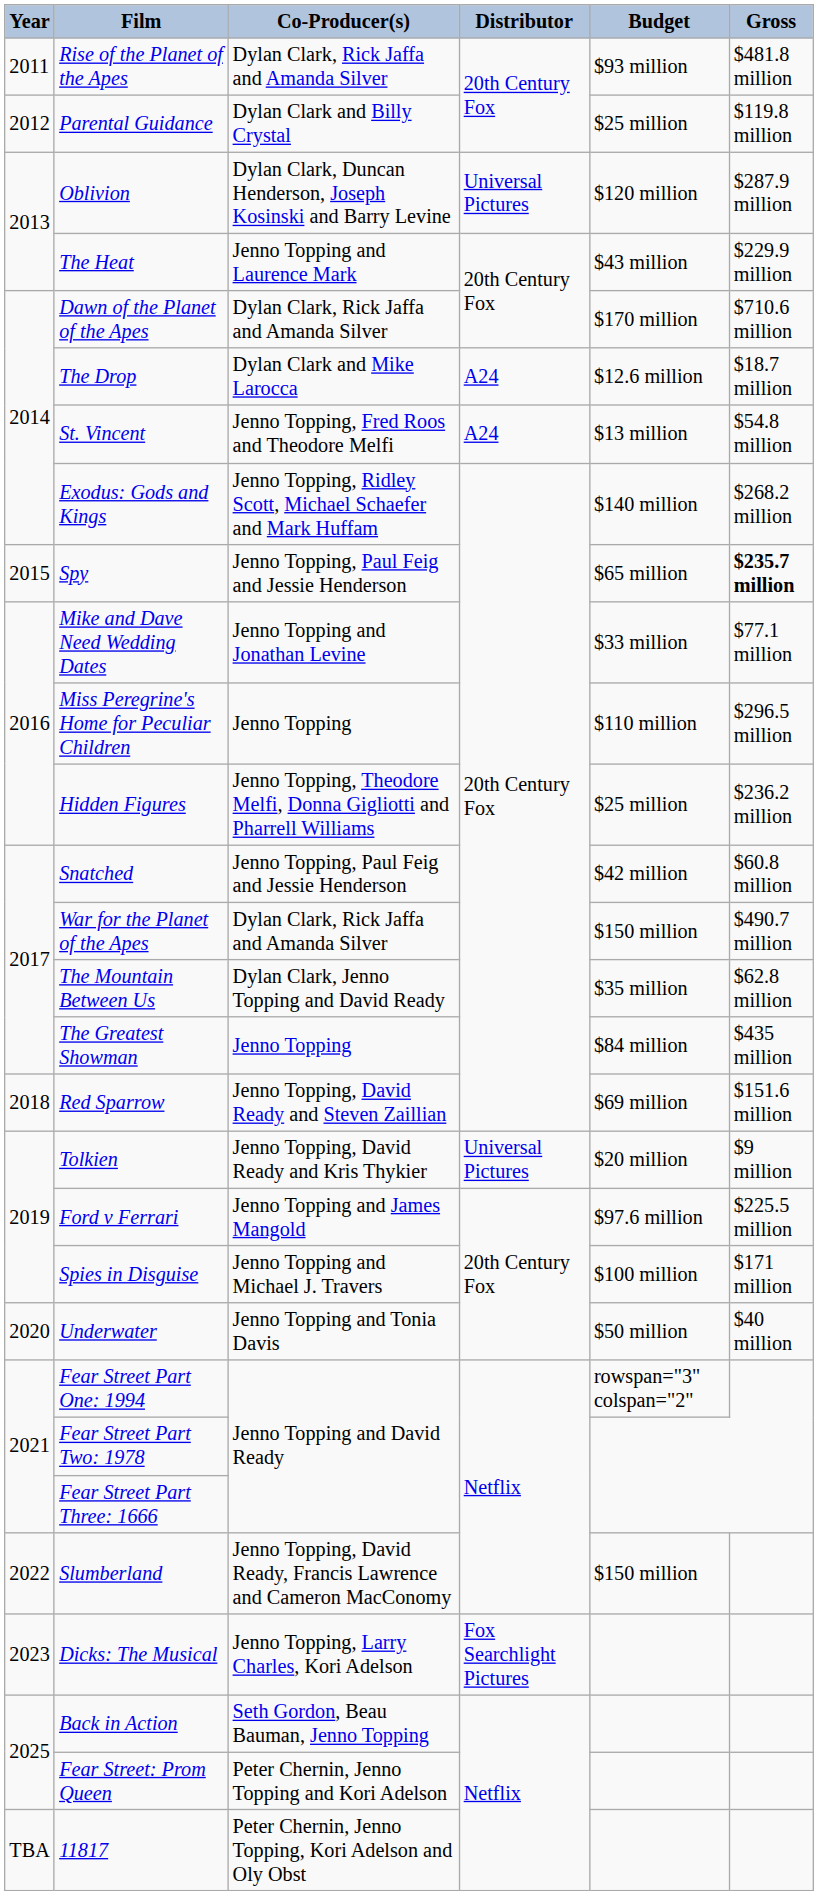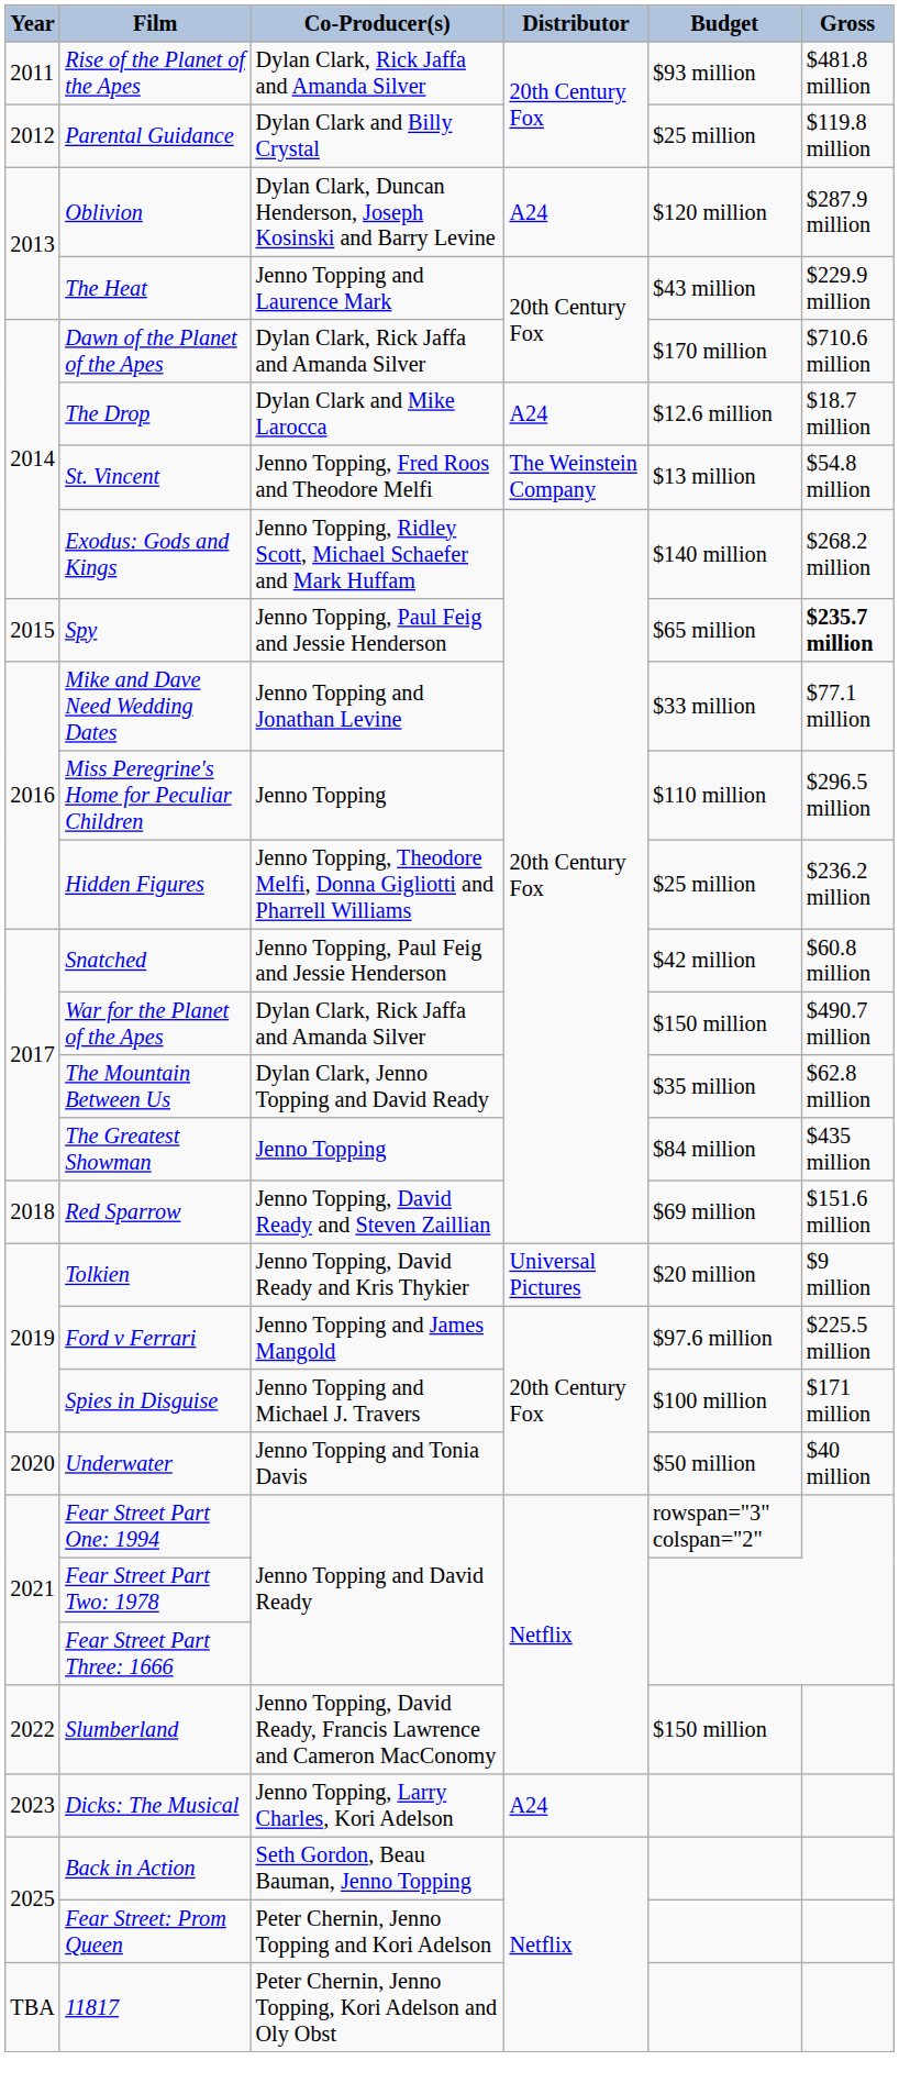 <table class="wikitable" style="font-size:95%;">
 <tr>
 <th style="background:#B0C4DE;">Year</th>
 <th style="background:#B0C4DE;">Film</th>
 <th style="background:#B0C4DE;">Co-Producer(s)</th>
 <th style="background:#B0C4DE;">Distributor</th>
 <th style="background:#B0C4DE;">Budget</th>
 <th style="background:#B0C4DE;">Gross</th>
 </tr>
 <tr>
 <td>2011</td>
 <td><em><a href='#'>Rise of the Planet of the Apes</a></em></td>
 <td>Dylan Clark, <a href='#'>Rick Jaffa</a> and <a href='#'>Amanda Silver</a></td>
 <td rowspan="2"><a href='#'>20th Century Fox</a></td>
 <td>$93 million</td>
 <td>$481.8 million</td>
 </tr>
 <tr>
 <td>2012</td>
 <td><em><a href='#'>Parental Guidance</a></em></td>
 <td>Dylan Clark and <a href='#'>Billy Crystal</a></td>
 <td>$25 million</td>
 <td>$119.8 million</td>
 </tr>
 <tr>
 <td rowspan="2">2013</td>
 <td><em><a href='#'>Oblivion</a></em></td>
 <td>Dylan Clark, Duncan Henderson, <a href='#'>Joseph Kosinski</a> and Barry Levine</td>
-<td><a href='#'>Universal Pictures</a></td>
+<td><a href='#'>A24</a></td>
 <td>$120 million</td>
 <td>$287.9 million</td>
 </tr>
 <tr>
 <td><em><a href='#'>The Heat</a></em></td>
 <td>Jenno Topping and <a href='#'>Laurence Mark</a></td>
 <td rowspan="2">20th Century Fox</td>
 <td>$43 million</td>
 <td>$229.9 million</td>
 </tr>
 <tr>
 <td rowspan="4">2014</td>
 <td><em><a href='#'>Dawn of the Planet of the Apes</a></em></td>
 <td>Dylan Clark, Rick Jaffa and Amanda Silver</td>
 <td>$170 million</td>
 <td>$710.6 million</td>
 </tr>
 <tr>
 <td><em><a href='#'>The Drop</a></em></td>
 <td>Dylan Clark and <a href='#'>Mike Larocca</a></td>
 <td><a href='#'>A24</a></td>
 <td>$12.6 million</td>
 <td>$18.7 million</td>
 </tr>
 <tr>
 <td><em><a href='#'>St. Vincent</a></em></td>
 <td>Jenno Topping, <a href='#'>Fred Roos</a> and Theodore Melfi</td>
-<td><a href='#'>A24</a></td>
+<td><a href='#'>The Weinstein Company</a></td>
 <td>$13 million</td>
 <td>$54.8 million</td>
 </tr>
 <tr>
 <td><em><a href='#'>Exodus: Gods and Kings</a></em></td>
 <td>Jenno Topping, <a href='#'>Ridley Scott</a>, <a href='#'>Michael Schaefer</a> and <a href='#'>Mark Huffam</a></td>
 <td rowspan="10">20th Century Fox</td>
 <td>$140 million</td>
 <td>$268.2 million</td>
 </tr>
 <tr>
 <td>2015</td>
 <td><em><a href='#'>Spy</a></em></td>
 <td>Jenno Topping, <a href='#'>Paul Feig</a> and Jessie Henderson</td>
 <td>$65 million</td>
 <td><strong>$235.7 million</strong></td>
 </tr>
 <tr>
 <td rowspan="3">2016</td>
 <td><em><a href='#'>Mike and Dave Need Wedding Dates</a></em></td>
 <td>Jenno Topping and <a href='#'>Jonathan Levine</a></td>
 <td>$33 million</td>
 <td>$77.1 million</td>
 </tr>
 <tr>
 <td><em><a href='#'>Miss Peregrine's Home for Peculiar Children</a></em></td>
 <td>Jenno Topping</td>
 <td>$110 million</td>
 <td>$296.5 million</td>
 </tr>
 <tr>
 <td><em><a href='#'>Hidden Figures</a></em></td>
 <td>Jenno Topping, <a href='#'>Theodore Melfi</a>, <a href='#'>Donna Gigliotti</a> and <a href='#'>Pharrell Williams</a></td>
 <td>$25 million</td>
 <td>$236.2 million</td>
 </tr>
 <tr>
 <td rowspan="4">2017</td>
 <td><em><a href='#'>Snatched</a></em></td>
 <td>Jenno Topping, Paul Feig and Jessie Henderson</td>
 <td>$42 million</td>
 <td>$60.8 million</td>
 </tr>
 <tr>
 <td><em><a href='#'>War for the Planet of the Apes</a></em></td>
 <td>Dylan Clark, Rick Jaffa and Amanda Silver</td>
 <td>$150 million</td>
 <td>$490.7 million</td>
 </tr>
 <tr>
 <td><em><a href='#'>The Mountain Between Us</a></em></td>
 <td>Dylan Clark, Jenno Topping and David Ready</td>
 <td>$35 million</td>
 <td>$62.8 million</td>
 </tr>
 <tr>
 <td><em><a href='#'>The Greatest Showman</a></em></td>
 <td><a href='#'>Jenno Topping</a></td>
 <td>$84 million</td>
 <td>$435 million</td>
 </tr>
 <tr>
 <td>2018</td>
 <td><em><a href='#'>Red Sparrow</a></em></td>
 <td>Jenno Topping, <a href='#'>David Ready</a> and <a href='#'>Steven Zaillian</a></td>
 <td>$69 million</td>
 <td>$151.6 million</td>
 </tr>
 <tr>
 <td rowspan="3">2019</td>
 <td><em><a href='#'>Tolkien</a></em></td>
 <td>Jenno Topping, David Ready and Kris Thykier</td>
 <td><a href='#'>Universal Pictures</a></td>
 <td>$20 million</td>
 <td>$9 million</td>
 </tr>
 <tr>
 <td><em><a href='#'>Ford v Ferrari</a></em></td>
 <td>Jenno Topping and <a href='#'>James Mangold</a></td>
 <td rowspan="3">20th Century Fox</td>
 <td>$97.6 million</td>
 <td>$225.5 million</td>
 </tr>
 <tr>
 <td><em><a href='#'>Spies in Disguise</a></em></td>
 <td>Jenno Topping and Michael J. Travers</td>
 <td>$100 million</td>
 <td>$171 million</td>
 </tr>
 <tr>
 <td>2020</td>
 <td><em><a href='#'>Underwater</a></em></td>
 <td>Jenno Topping and Tonia Davis</td>
 <td>$50 million</td>
 <td>$40 million</td>
 </tr>
 <tr>
 <td rowspan="3">2021</td>
 <td><em><a href='#'>Fear Street Part One: 1994</a></em></td>
 <td rowspan="3">Jenno Topping and David Ready</td>
 <td rowspan="4"><a href='#'>Netflix</a></td>
 <td>rowspan="3" colspan="2" </td>
 </tr>
 <tr>
 <td><em><a href='#'>Fear Street Part Two: 1978</a></em></td>
 </tr>
 <tr>
 <td><em><a href='#'>Fear Street Part Three: 1666</a></em></td>
 </tr>
 <tr>
 <td>2022</td>
 <td><em><a href='#'>Slumberland</a></em></td>
 <td>Jenno Topping, David Ready, Francis Lawrence and Cameron MacConomy</td>
 <td>$150 million</td>
 <td></td>
 </tr>
 <tr>
 <td>2023</td>
 <td><em><a href='#'>Dicks: The Musical</a></em></td>
 <td>Jenno Topping, <a href='#'>Larry Charles</a>, Kori Adelson</td>
-<td><a href='#'>Fox Searchlight Pictures</a></td>
+<td><a href='#'>A24</a></td>
 <td></td>
 <td></td>
 </tr>
 <tr>
 <td rowspan="2">2025</td>
 <td><em><a href='#'>Back in Action</a></em></td>
 <td><a href='#'>Seth Gordon</a>, Beau Bauman, <a href='#'>Jenno Topping</a></td>
 <td rowspan="3"><a href='#'>Netflix</a></td>
 <td></td>
 <td></td>
 </tr>
 <tr>
 <td><em><a href='#'>Fear Street: Prom Queen</a></em></td>
 <td>Peter Chernin, Jenno Topping and Kori Adelson</td>
 <td></td>
 <td></td>
 </tr>
 <tr>
 <td>TBA</td>
 <td><em><a href='#'>11817</a></em></td>
 <td>Peter Chernin, Jenno Topping, Kori Adelson and Oly Obst</td>
 <td></td>
 <td></td>
 </tr>
 </table>
